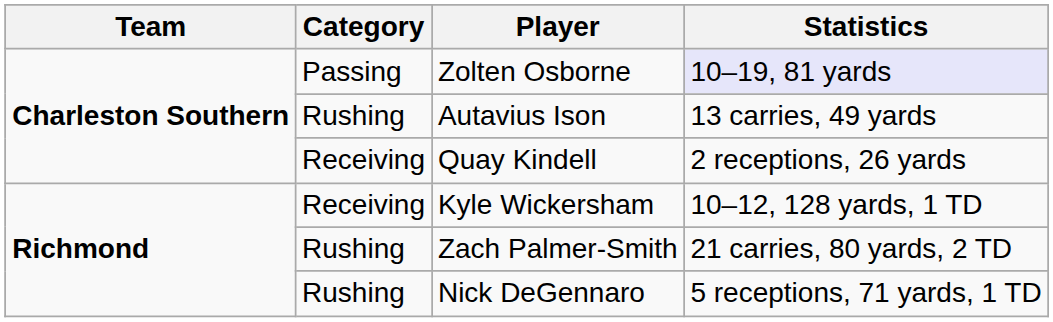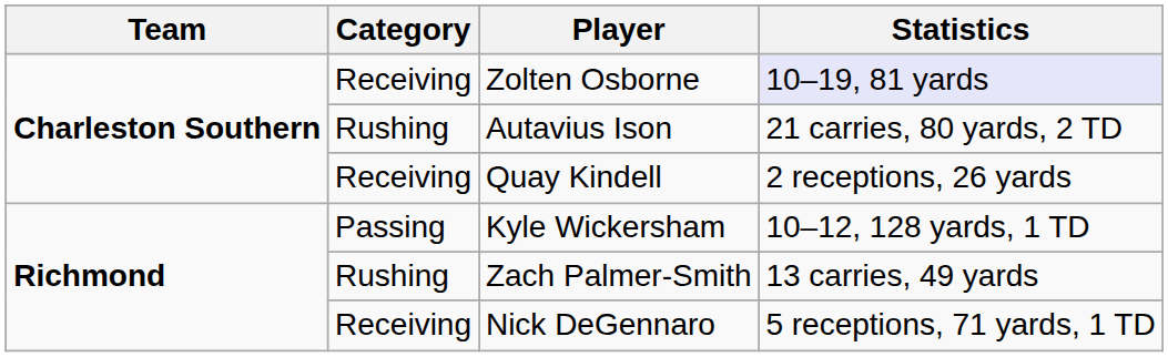 <table class="wikitable" style="float: right;">
 <tr>
 <th>Team</th>
 <th>Category</th>
 <th>Player</th>
 <th>Statistics</th>
 </tr>
 <tr>
 <td rowspan=3><strong>Charleston Southern</strong></td>
-<td>Passing</td>
+<td>Receiving</td>
 <td>Zolten Osborne</td>
 <td style="background: lavender;">10–19, 81 yards</td>
 </tr>
 <tr>
 <td>Rushing</td>
 <td>Autavius Ison</td>
-<td>13 carries, 49 yards</td>
+<td>21 carries, 80 yards, 2 TD</td>
 </tr>
 <tr>
 <td>Receiving</td>
 <td>Quay Kindell</td>
 <td>2 receptions, 26 yards</td>
 </tr>
 <tr>
 <td rowspan=3><strong>Richmond</strong></td>
-<td>Receiving</td>
+<td>Passing</td>
 <td>Kyle Wickersham</td>
 <td>10–12, 128 yards, 1 TD</td>
 </tr>
 <tr>
 <td>Rushing</td>
 <td>Zach Palmer-Smith</td>
-<td>21 carries, 80 yards, 2 TD</td>
+<td>13 carries, 49 yards</td>
 </tr>
 <tr>
-<td>Rushing</td>
+<td>Receiving</td>
 <td>Nick DeGennaro</td>
 <td>5 receptions, 71 yards, 1 TD</td>
 </tr>
 </table>
